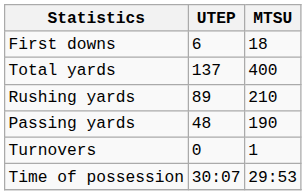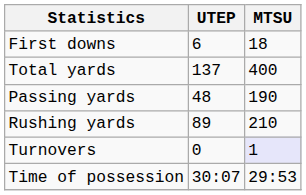 <table class="wikitable">
 <tr>
 <th>Statistics</th>
 <th>UTEP</th>
 <th>MTSU</th>
 </tr>
 <tr>
 <td>First downs</td>
 <td>6</td>
 <td>18</td>
 </tr>
 <tr>
 <td>Total yards</td>
 <td>137</td>
 <td>400</td>
 </tr>
 <tr>
+<td>Passing yards</td>
+<td>48</td>
+<td>190</td>
+</tr>
+<tr>
 <td>Rushing yards</td>
 <td>89</td>
 <td>210</td>
 </tr>
 <tr>
-<td>Passing yards</td>
-<td>48</td>
-<td>190</td>
-</tr>
-<tr>
 <td>Turnovers</td>
 <td>0</td>
-<td>1</td>
+<td style="background: lavender;">1</td>
 </tr>
 <tr>
 <td>Time of possession</td>
 <td>30:07</td>
 <td>29:53</td>
 </tr>
 <tr>
 </tr>
 </table>
